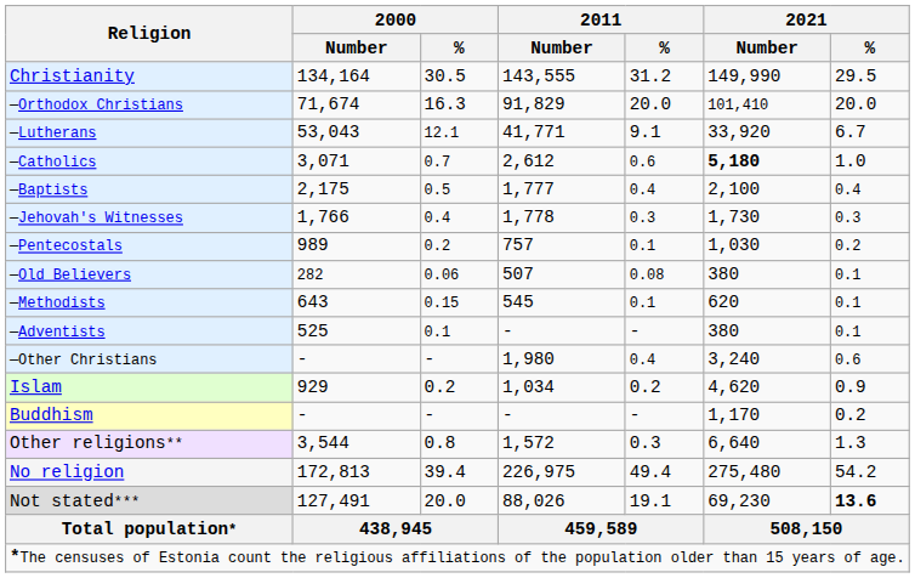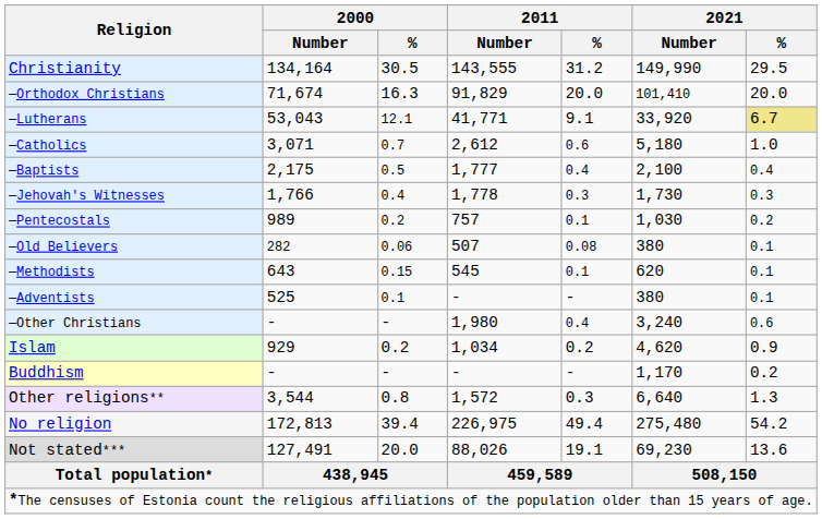 <table class="wikitable">
 <tr>
 <th rowspan="2">Religion</th>
 <th style="text-align:center;" colspan="2">2000</th>
 <th style="text-align:center;" colspan="2">2011</th>
 <th style="text-align:center;" colspan="2">2021</th>
 </tr>
 <tr>
 <th>Number</th>
 <th>%</th>
 <th>Number</th>
 <th>%</th>
 <th>Number</th>
 <th>%</th>
 </tr>
 <tr>
 <td style="background:#E0F0FF;"><a href='#'>Christianity</a></td>
 <td>134,164</td>
 <td>30.5</td>
 <td>143,555</td>
 <td>31.2</td>
 <td>149,990</td>
 <td>29.5</td>
 </tr>
 <tr>
 <td style="background:#E0F0FF;"><small>—<a href='#'>Orthodox Christians</a></small></td>
 <td>71,674</td>
 <td>16.3</td>
 <td>91,829</td>
 <td>20.0</td>
 <td><small>101,410</small></td>
 <td>20.0</td>
 </tr>
 <tr>
 <td style="background:#E0F0FF;"><small>—<a href='#'>Lutherans</a></small></td>
 <td>53,043</td>
 <td><small>12.1</small></td>
 <td>41,771</td>
 <td>9.1</td>
 <td>33,920</td>
-<td>6.7</td>
+<td style="background: khaki;">6.7</td>
 </tr>
 <tr>
 <td style="background:#E0F0FF;"><small>—<a href='#'>Catholics</a></small></td>
 <td>3,071</td>
 <td><small>0.7</small></td>
 <td>2,612</td>
 <td><small>0.6</small></td>
-<td><strong>5,180</strong></td>
+<td>5,180</td>
 <td>1.0</td>
 </tr>
 <tr>
 <td style="background:#E0F0FF;"><small>—<a href='#'>Baptists</a></small></td>
 <td>2,175</td>
 <td><small>0.5</small></td>
 <td>1,777</td>
 <td><small>0.4</small></td>
 <td>2,100</td>
 <td><small>0.4</small></td>
 </tr>
 <tr>
 <td style="background:#E0F0FF;"><small>—<a href='#'>Jehovah's Witnesses</a></small></td>
 <td>1,766</td>
 <td><small>0.4</small></td>
 <td>1,778</td>
 <td><small>0.3</small></td>
 <td>1,730</td>
 <td><small>0.3</small></td>
 </tr>
 <tr>
 <td style="background:#E0F0FF;"><small>—<a href='#'>Pentecostals</a></small></td>
 <td>989</td>
 <td><small>0.2</small></td>
 <td>757</td>
 <td><small>0.1</small></td>
 <td>1,030</td>
 <td><small>0.2</small></td>
 </tr>
 <tr>
 <td style="background:#E0F0FF;"><small>—<a href='#'>Old Believers</a></small></td>
 <td><small>282</small></td>
 <td><small>0.06</small></td>
 <td>507</td>
 <td><small>0.08</small></td>
 <td>380</td>
 <td><small>0.1</small></td>
 </tr>
 <tr>
 <td style="background:#E0F0FF;"><small>—<a href='#'>Methodists</a></small></td>
 <td>643</td>
 <td><small>0.15</small></td>
 <td>545</td>
 <td><small>0.1</small></td>
 <td>620</td>
 <td><small>0.1</small></td>
 </tr>
 <tr>
 <td style="background:#E0F0FF;"><small>—<a href='#'>Adventists</a></small></td>
 <td>525</td>
 <td><small>0.1</small></td>
 <td>-</td>
 <td>-</td>
 <td>380</td>
 <td><small>0.1</small></td>
 </tr>
 <tr>
 <td style="background:#E0F0FF;"><small>—Other Christians</small></td>
 <td>-</td>
 <td>-</td>
 <td>1,980</td>
 <td><small>0.4</small></td>
 <td>3,240</td>
 <td><small>0.6</small></td>
 </tr>
 <tr>
 <td style="background:#E0FFD0;"><a href='#'>Islam</a></td>
 <td>929</td>
 <td>0.2</td>
 <td>1,034</td>
 <td>0.2</td>
 <td>4,620</td>
 <td>0.9</td>
 </tr>
 <tr>
 <td style="background:#FFFFC0;"><a href='#'>Buddhism</a></td>
 <td>-</td>
 <td>-</td>
 <td>-</td>
 <td>-</td>
 <td>1,170</td>
 <td>0.2</td>
 </tr>
 <tr>
 <td style="background:#F0E0FF;">Other religions<small>**</small></td>
 <td>3,544</td>
 <td>0.8</td>
 <td>1,572</td>
 <td>0.3</td>
 <td>6,640</td>
 <td>1.3</td>
 </tr>
 <tr>
 <td style="background:#F5F5F5;"><a href='#'>No religion</a></td>
 <td>172,813</td>
 <td>39.4</td>
 <td>226,975</td>
 <td>49.4</td>
 <td>275,480</td>
 <td>54.2</td>
 </tr>
 <tr>
 <td style="background:#DCDCDC;">Not stated<small>***</small></td>
 <td>127,491</td>
 <td>20.0</td>
 <td>88,026</td>
 <td>19.1</td>
 <td>69,230</td>
-<td><strong>13.6</strong></td>
+<td>13.6</td>
 </tr>
 <tr>
 <th>Total population<small>*</small></th>
 <th colspan="2">438,945</th>
 <th colspan="2">459,589</th>
 <th colspan="2">508,150</th>
 </tr>
 <tr>
 <td colspan="7"><strong>*</strong><small>The censuses of Estonia count the religious affiliations of the population older than 15 years of age.</small></td>
 </tr>
 </table>
